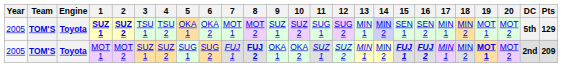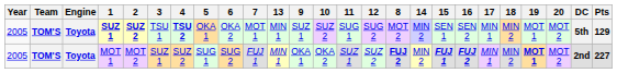 <table class="wikitable" style="text-align:center; font-size:85%">
 <tr>
 <th>Year</th>
 <th>Team</th>
 <th>Engine</th>
 <th>1</th>
 <th>2</th>
 <th>3</th>
 <th>4</th>
 <th>5</th>
 <th>6</th>
 <th>7</th>
-<th>8</th>
+<th>13</th>
 <th>9</th>
 <th>10</th>
 <th>11</th>
 <th>12</th>
-<th>13</th>
+<th>8</th>
 <th>14</th>
 <th>15</th>
 <th>16</th>
 <th>17</th>
 <th>18</th>
 <th>19</th>
 <th>20</th>
 <th>DC</th>
 <th>Pts</th>
 </tr>
 <tr>
 <td><a href='#'>2005</a></td>
 <th><a href='#'>TOM'S</a></th>
 <th><a href='#'>Toyota</a></th>
 <td style="background:#FFFFBF;"><strong><a href='#'>SUZ<br>1</a></strong><br></td>
 <td style="background:#FFFFBF;"><strong><a href='#'>SUZ<br>2</a></strong><br></td>
 <td style="background:#DFFFDF;"><a href='#'>TSU<br>1</a><br></td>
-<td style="background:#DFFFDF;"><a href='#'>TSU<br>2</a><br></td>
+<td style="background:#DFFFDF;"><strong><a href='#'>TSU<br>2</a><br></strong></td>
 <td style="background:#FFDF9F;"><a href='#'>OKA<br>1</a><br></td>
 <td style="background:#DFFFDF;"><a href='#'>OKA<br>2</a><br></td>
 <td style="background:#DFFFDF;"><a href='#'>MOT<br>1</a><br></td>
-<td style="background:#EFCFFF;"><a href='#'>MOT<br>2</a><br></td>
+<td style="background:#DFFFDF;"><a href='#'>MIN<br>1</a><br></td>
 <td style="background:#DFFFDF;"><a href='#'>SUZ<br>1</a><br></td>
 <td style="background:#EFCFFF;"><a href='#'>SUZ<br>2</a><br></td>
 <td style="background:#DFFFDF;"><a href='#'>SUG<br>1</a><br></td>
 <td style="background:#EFCFFF;"><a href='#'>SUG<br>2</a><br></td>
-<td style="background:#DFFFDF;"><a href='#'>MIN<br>1</a><br></td>
+<td style="background:#EFCFFF;"><a href='#'>MOT<br>2</a><br></td>
 <td style="background:#CFCFFF;"><a href='#'>MIN<br>2</a><br></td>
 <td style="background:#DFFFDF;"><a href='#'>SEN<br>1</a><br></td>
 <td style="background:#DFFFDF;"><a href='#'>SEN<br>2</a><br></td>
 <td style="background:#DFFFDF;"><a href='#'>MIN<br>1</a><br></td>
 <td style="background:#FFDF9F;"><a href='#'>MIN<br>2</a><br></td>
 <td style="background:#DFFFDF;"><a href='#'>MOT<br>1</a><br></td>
 <td style="background:#DFFFDF;"><a href='#'>MOT<br>2</a><br></td>
 <th>5th</th>
 <th>129</th>
 </tr>
 <tr>
 <td><a href='#'>2005</a></td>
 <th><a href='#'>TOM'S</a></th>
 <th><a href='#'>Toyota</a></th>
 <td style="background:#EFCFFF;"><a href='#'>MOT<br>1</a><br></td>
 <td style="background:#EFCFFF;"><a href='#'>MOT<br>2</a><br></td>
 <td style="background:#FFDF9F;"><a href='#'>SUZ<br>1</a><br></td>
 <td style="background:#FFDF9F;"><a href='#'>SUZ<br>2</a><br></td>
 <td style="background:#DFFFDF;"><a href='#'>SUG<br>1</a><br></td>
 <td style="background:#FFDF9F;"><a href='#'>SUG<br>2</a><br></td>
 <td style="background:#DFDFDF;"><em><a href='#'>FUJ<br>1</a></em><br></td>
-<td style="background:#DFDFDF;"><strong><a href='#'>FUJ<br>2</a></strong><br></td>
+<td style="background:#FFFFBF;"><em><a href='#'>MIN<br>1</a></em><br></td>
 <td style="background:#DFFFDF;"><a href='#'>OKA<br>1</a><br></td>
 <td style="background:#DFFFDF;"><a href='#'>OKA<br>2</a><br></td>
 <td style="background:#DFDFDF;"><em><a href='#'>SUZ<br>1</a></em><br></td>
 <td style="background:#DFFFDF;"><em><a href='#'>SUZ<br>2</a></em><br></td>
-<td style="background:#FFFFBF;"><em><a href='#'>MIN<br>1</a></em><br></td>
+<td style="background:#DFDFDF;"><strong><a href='#'>FUJ<br>2</a></strong><br></td>
 <td style="background:#FFFFBF;"><a href='#'>MIN<br>2</a><br></td>
 <td style="background:#DFDFDF;"><strong><em><a href='#'>FUJ<br>1</a></em></strong><br></td>
 <td style="background:#DFDFDF;"><strong><em><a href='#'>FUJ<br>2</a></em></strong><br></td>
 <td style="background:#EFCFFF;"><em><a href='#'>MIN<br>1</a></em><br></td>
 <td style="background:#DFDFDF;"><a href='#'>MIN<br>2</a><br></td>
 <td style="background:#FFDF9F;"><strong><a href='#'>MOT<br>1</a><br></strong></td>
 <td style="background:#EFCFFF;"><a href='#'>MOT<br>2</a><br></td>
 <th style="background:#DFDFDF;">2nd</th>
-<th style="background:#DFDFDF;">209</th>
+<th style="background:#DFDFDF;">227</th>
 </tr>
 </table>
